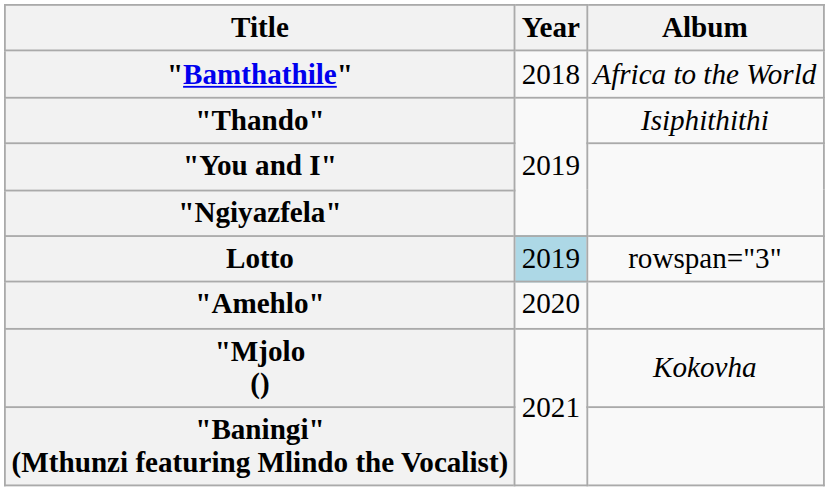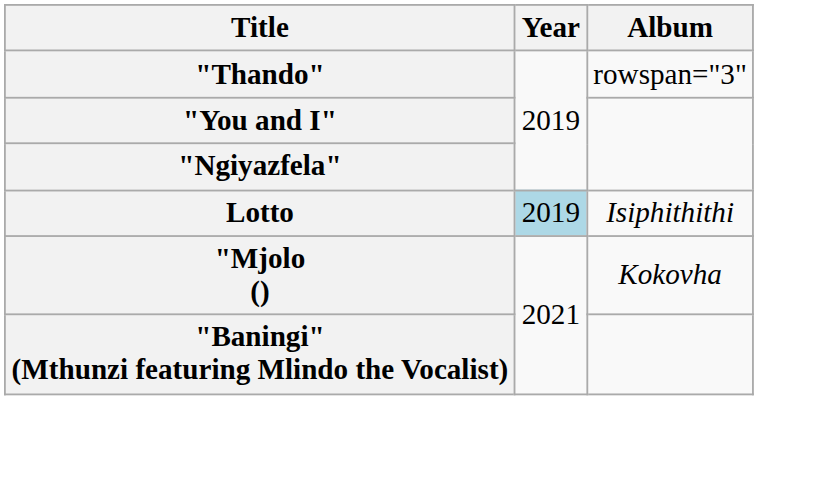 <table class="wikitable plainrowheaders" style="text-align:center;">
 <tr>
 <th scope="col">Title</th>
 <th scope="col">Year</th>
 <th scope="col">Album</th>
 </tr>
 <tr>
-<th scope="row">"<a href='#'>Bamthathile</a>"<br></th>
-<td>2018</td>
-<td><em>Africa to the World</em></td>
-</tr>
-<tr>
 <th scope="row">"Thando"<br></th>
 <td rowspan="3">2019</td>
-<td><em>Isiphithithi</em></td>
+<td>rowspan="3" </td>
 </tr>
 <tr>
 <th scope="row">"You and I"<br></th>
 </tr>
 <tr>
 <th scope="row">"Ngiyazfela"<br></th>
 </tr>
 <tr>
 <th Scope="row">Lotto </th>
 <td style="background: lightblue;">2019</td>
-<td>rowspan="3" </td>
-</tr>
-<tr>
-<th scope="row">"Amehlo"  <br></th>
-<td>2020</td>
-<td></td>
+<td><em>Isiphithithi</em></td>
 </tr>
 <tr>
 <th scope="row">"Mjolo<br> ()</th>
 <td rowspan=2>2021</td>
 <td><em>Kokovha</em></td>
 </tr>
 <tr>
 <th scope="row">"Baningi"<br>(Mthunzi featuring Mlindo the Vocalist)</th>
 <td></td>
 </tr>
 </table>
